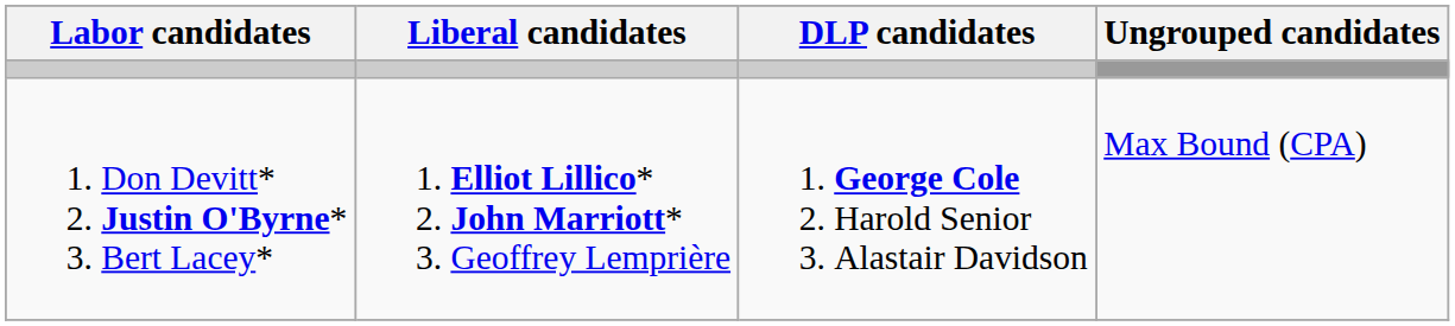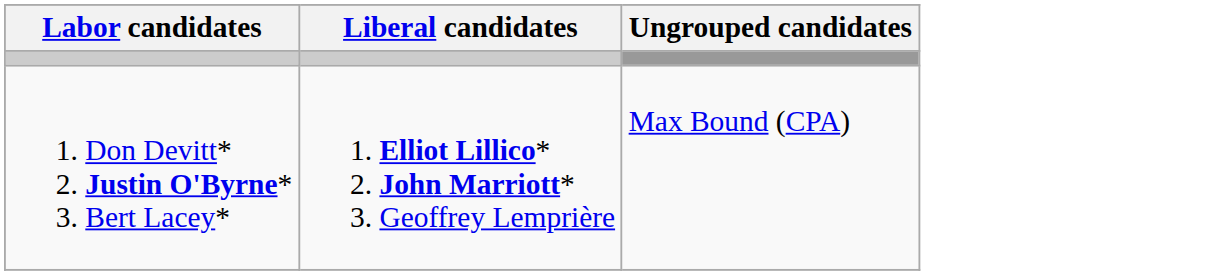 <table class="wikitable">
 <tr>
 <th><a href='#'>Labor</a> candidates</th>
 <th><a href='#'>Liberal</a> candidates</th>
-<th><a href='#'>DLP</a> candidates</th>
 <th>Ungrouped candidates</th>
 </tr>
 <tr bgcolor="#cccccc">
-<td></td>
 <td></td>
 <td></td>
 <td bgcolor="#999999"></td>
 </tr>
 <tr>
 <td><br><ol><li><a href='#'>Don Devitt</a>*</li><li><strong><a href='#'>Justin O'Byrne</a></strong>*</li><li><a href='#'>Bert Lacey</a>*</li></ol></td>
 <td><br><ol><li><strong><a href='#'>Elliot Lillico</a></strong>*</li><li><strong><a href='#'>John Marriott</a></strong>*</li><li><a href='#'>Geoffrey Lemprière</a></li></ol></td>
-<td valign=top><br><ol><li><strong><a href='#'>George Cole</a></strong></li><li>Harold Senior</li><li>Alastair Davidson</li></ol></td>
 <td valign=top><br><a href='#'>Max Bound</a> (<a href='#'>CPA</a>)</td>
 </tr>
 </table>
